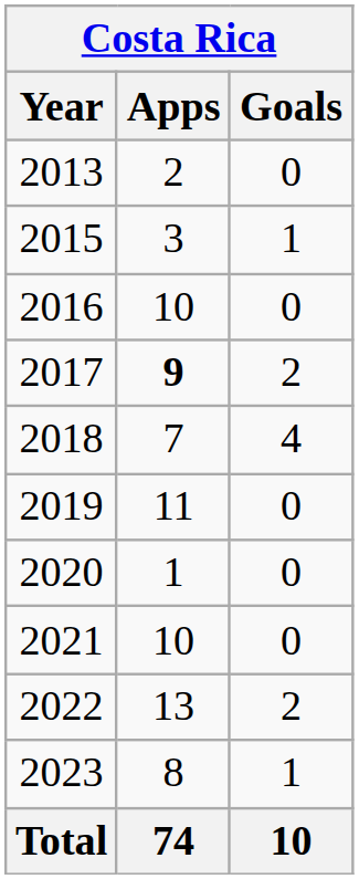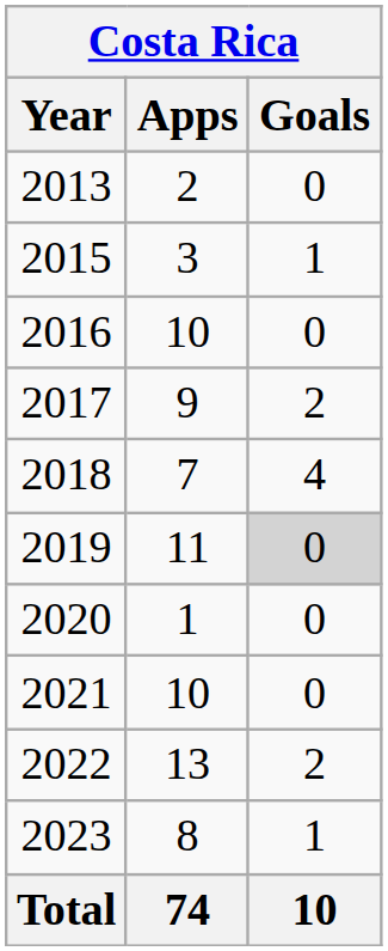 <table class="wikitable" style="text-align:center">
 <tr>
 <th colspan=3><a href='#'>Costa Rica</a></th>
 </tr>
 <tr>
 <th>Year</th>
 <th>Apps</th>
 <th>Goals</th>
 </tr>
 <tr>
 <td>2013</td>
 <td>2</td>
 <td>0</td>
 </tr>
 <tr>
 <td>2015</td>
 <td>3</td>
 <td>1</td>
 </tr>
 <tr>
 <td>2016</td>
 <td>10</td>
 <td>0</td>
 </tr>
 <tr>
 <td>2017</td>
-<td><strong>9</strong></td>
+<td>9</td>
 <td>2</td>
 </tr>
 <tr>
 <td>2018</td>
 <td>7</td>
 <td>4</td>
 </tr>
 <tr>
 <td>2019</td>
 <td>11</td>
-<td>0</td>
+<td style="background: lightgrey;">0</td>
 </tr>
 <tr>
 <td>2020</td>
 <td>1</td>
 <td>0</td>
 </tr>
 <tr>
 <td>2021</td>
 <td>10</td>
 <td>0</td>
 </tr>
 <tr>
 <td>2022</td>
 <td>13</td>
 <td>2</td>
 </tr>
 <tr>
 <td>2023</td>
 <td>8</td>
 <td>1</td>
 </tr>
 <tr>
 <th>Total</th>
 <th>74</th>
 <th>10</th>
 </tr>
 </table>
